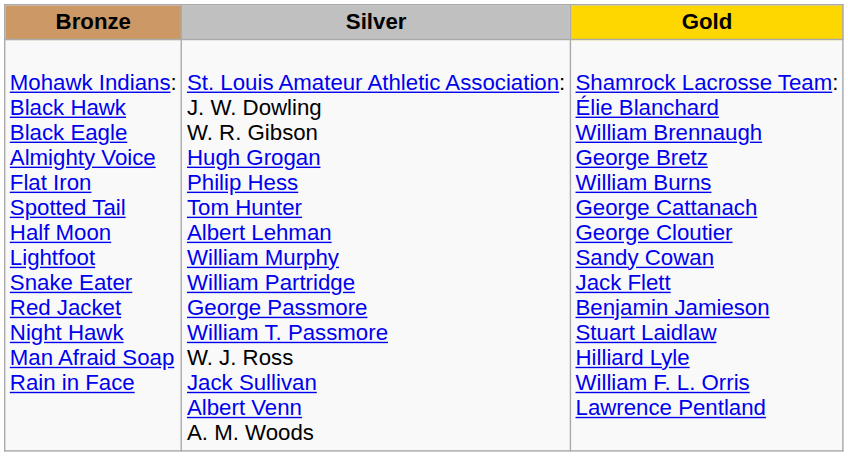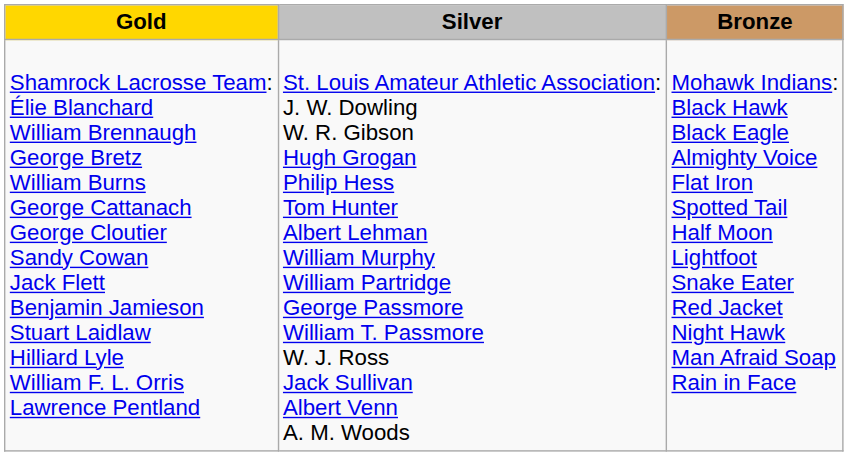 <table class=wikitable>
 <tr>
+<td align=center bgcolor=gold><strong>Gold</strong></td>
+<td align=center bgcolor=silver><strong>Silver</strong></td>
 <td align=center bgcolor=cc9966><strong>Bronze</strong></td>
-<td align=center bgcolor=silver><strong>Silver</strong></td>
-<td align=center bgcolor=gold><strong>Gold</strong></td>
 </tr>
 <tr valign="top">
+<td><br><a href='#'>Shamrock Lacrosse Team</a>:<br><a href='#'>Élie Blanchard</a><br><a href='#'>William Brennaugh</a><br><a href='#'>George Bretz</a><br><a href='#'>William Burns</a><br><a href='#'>George Cattanach</a><br><a href='#'>George Cloutier</a><br><a href='#'>Sandy Cowan</a><br><a href='#'>Jack Flett</a><br><a href='#'>Benjamin Jamieson</a><br><a href='#'>Stuart Laidlaw</a><br><a href='#'>Hilliard Lyle</a><br><a href='#'>William F. L. Orris</a><br><a href='#'>Lawrence Pentland</a></td>
+<td><br><a href='#'>St. Louis Amateur Athletic Association</a>:<br>J. W. Dowling<br>W. R. Gibson<br><a href='#'>Hugh Grogan</a><br><a href='#'>Philip Hess</a><br><a href='#'>Tom Hunter</a><br><a href='#'>Albert Lehman</a><br><a href='#'>William Murphy</a><br><a href='#'>William Partridge</a><br><a href='#'>George Passmore</a><br><a href='#'>William T. Passmore</a><br>W. J. Ross<br><a href='#'>Jack Sullivan</a><br><a href='#'>Albert Venn</a><br>A. M. Woods</td>
 <td><br><a href='#'>Mohawk Indians</a>:<br><a href='#'>Black Hawk</a><br><a href='#'>Black Eagle</a><br><a href='#'>Almighty Voice</a><br><a href='#'>Flat Iron</a><br><a href='#'>Spotted Tail</a><br><a href='#'>Half Moon</a><br><a href='#'>Lightfoot</a><br><a href='#'>Snake Eater</a><br><a href='#'>Red Jacket</a><br><a href='#'>Night Hawk</a><br><a href='#'>Man Afraid Soap</a><br><a href='#'>Rain in Face</a></td>
-<td><br><a href='#'>St. Louis Amateur Athletic Association</a>:<br>J. W. Dowling<br>W. R. Gibson<br><a href='#'>Hugh Grogan</a><br><a href='#'>Philip Hess</a><br><a href='#'>Tom Hunter</a><br><a href='#'>Albert Lehman</a><br><a href='#'>William Murphy</a><br><a href='#'>William Partridge</a><br><a href='#'>George Passmore</a><br><a href='#'>William T. Passmore</a><br>W. J. Ross<br><a href='#'>Jack Sullivan</a><br><a href='#'>Albert Venn</a><br>A. M. Woods</td>
-<td><br><a href='#'>Shamrock Lacrosse Team</a>:<br><a href='#'>Élie Blanchard</a><br><a href='#'>William Brennaugh</a><br><a href='#'>George Bretz</a><br><a href='#'>William Burns</a><br><a href='#'>George Cattanach</a><br><a href='#'>George Cloutier</a><br><a href='#'>Sandy Cowan</a><br><a href='#'>Jack Flett</a><br><a href='#'>Benjamin Jamieson</a><br><a href='#'>Stuart Laidlaw</a><br><a href='#'>Hilliard Lyle</a><br><a href='#'>William F. L. Orris</a><br><a href='#'>Lawrence Pentland</a></td>
 </tr>
 </table>
